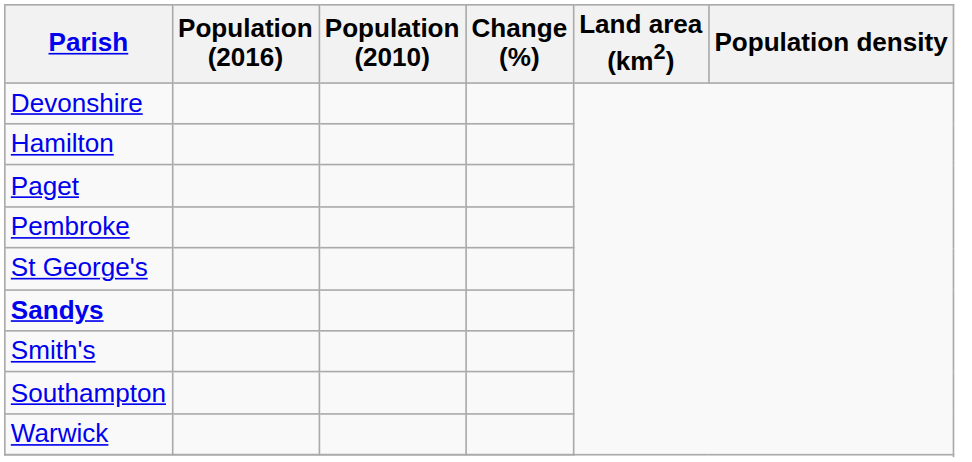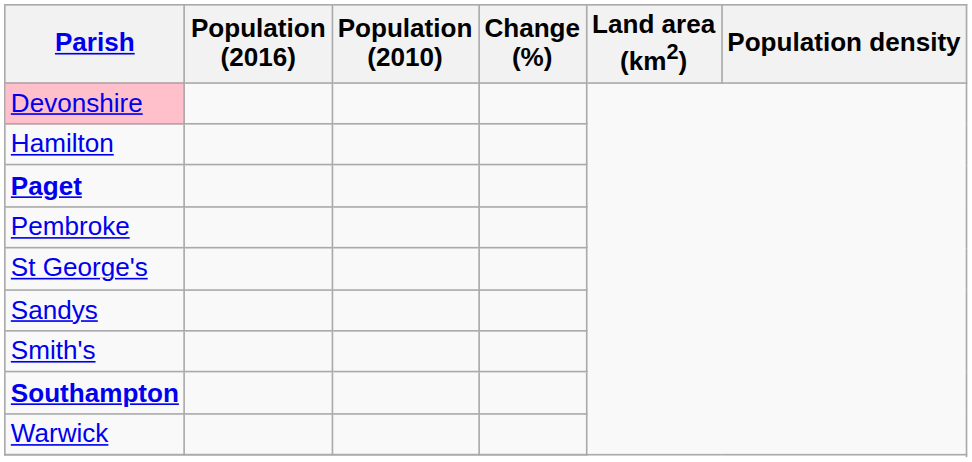 <table class="wikitable sortable">
 <tr>
 <th scope="col"><a href='#'>Parish</a></th>
 <th scope="col">Population<br>(2016)</th>
 <th>Population<br>(2010)</th>
 <th scope="col">Change<br>(%)</th>
 <th scope="col">Land area<br>(km<sup>2</sup>)</th>
 <th scope="col">Population density</th>
 </tr>
 <tr>
-<td scope="row"><a href='#'>Devonshire</a></td>
+<td scope="row" style="background: pink;"><a href='#'>Devonshire</a></td>
 <td></td>
 <td align=center></td>
 <td align=center></td>
 </tr>
 <tr>
 <td scope="row"><a href='#'>Hamilton</a></td>
 <td></td>
 <td align=center></td>
 <td align=center></td>
 </tr>
 <tr>
-<td scope="row"><a href='#'>Paget</a></td>
+<td scope="row"><strong><a href='#'>Paget</a></strong></td>
 <td></td>
 <td align=center></td>
 <td align=center></td>
 </tr>
 <tr>
 <td scope="row"><a href='#'>Pembroke</a></td>
 <td></td>
 <td align=center></td>
 <td align=center></td>
 </tr>
 <tr>
 <td scope="row"><a href='#'>St George's</a></td>
 <td></td>
 <td align=center></td>
 <td align=center></td>
 </tr>
 <tr>
-<td scope="row"><strong><a href='#'>Sandys</a></strong></td>
+<td scope="row"><a href='#'>Sandys</a></td>
 <td></td>
 <td align=center></td>
 <td align=center></td>
 </tr>
 <tr>
 <td scope="row"><a href='#'>Smith's</a></td>
 <td></td>
 <td align=center></td>
 <td align=center></td>
 </tr>
 <tr>
-<td scope="row"><a href='#'>Southampton</a></td>
+<td scope="row"><strong><a href='#'>Southampton</a></strong></td>
 <td></td>
 <td align=center></td>
 <td align=center></td>
 </tr>
 <tr>
 <td scope="row"><a href='#'>Warwick</a></td>
 <td></td>
 <td align=center></td>
 <td align=center></td>
 </tr>
 <tr>
 </tr>
 </table>
